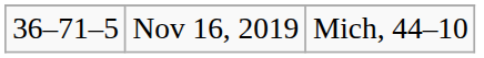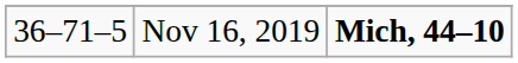 <table class="wikitable">
 <tr align="center">
 </tr>
 <tr align="center">
 <td>36–71–5</td>
 <td>Nov 16, 2019</td>
-<td>Mich, 44–10</td>
+<td><strong>Mich, 44–10</strong></td>
 </tr>
 </table>
